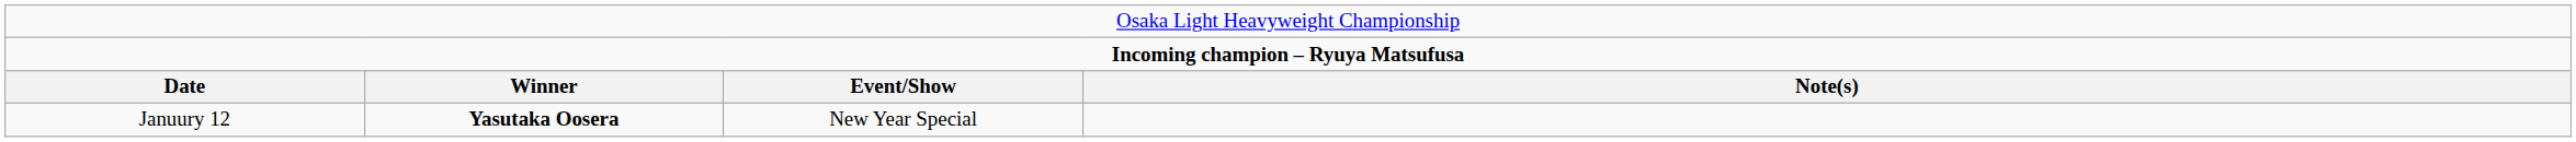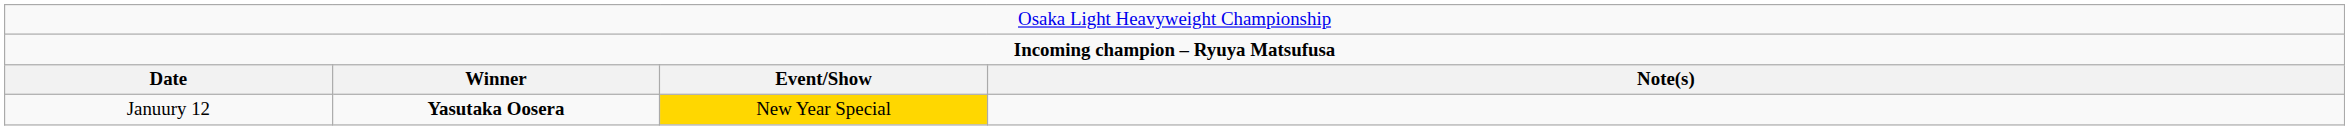 <table class="wikitable" style="text-align:center; width:100%;">
 <tr>
 <td colspan="4" style="text-align: center;"><a href='#'>Osaka Light Heavyweight Championship</a></td>
 </tr>
 <tr>
 <td colspan="4" style="text-align: center;"><strong>Incoming champion – Ryuya Matsufusa</strong></td>
 </tr>
 <tr>
 <th width=14%>Date</th>
 <th width=14%>Winner</th>
 <th width=14%>Event/Show</th>
 <th width=58%>Note(s)</th>
 </tr>
 <tr>
 <td>Januury 12<br></td>
 <td><strong>Yasutaka Oosera</strong></td>
-<td>New Year Special<br></td>
+<td style="background: gold;">New Year Special<br></td>
 <td></td>
 </tr>
 </table>
